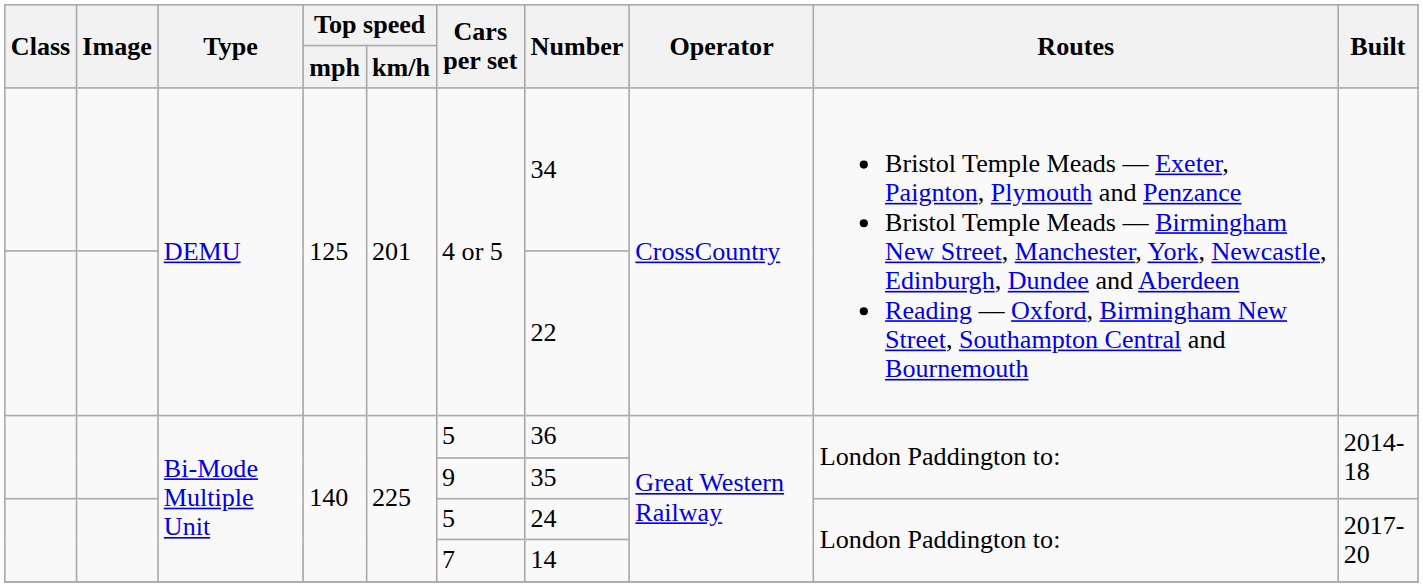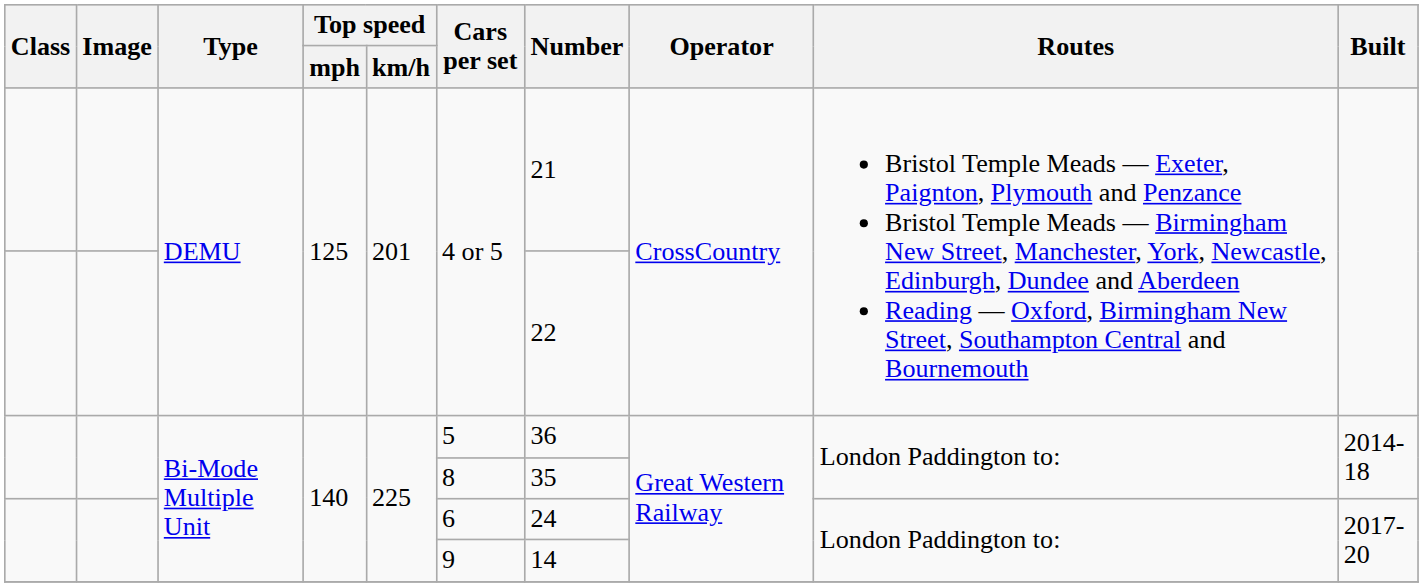 <table class="wikitable">
 <tr style="background:#f9f9f9;">
 <th rowspan="2">Class</th>
 <th rowspan="2">Image</th>
 <th rowspan="2">Type</th>
 <th colspan="2">Top speed</th>
 <th rowspan="2">Cars per set</th>
 <th rowspan="2">Number</th>
 <th rowspan="2">Operator</th>
 <th rowspan="2">Routes</th>
 <th rowspan="2">Built</th>
 </tr>
 <tr style="background:#f9f9f9;">
 <th>mph</th>
 <th>km/h</th>
 </tr>
 <tr>
 <td></td>
 <td></td>
 <td rowspan="2"><a href='#'>DEMU</a></td>
 <td rowspan="2">125</td>
 <td rowspan="2">201</td>
 <td rowspan="2">4 or 5</td>
-<td>34</td>
+<td>21</td>
 <td rowspan="2"><a href='#'>CrossCountry</a></td>
 <td rowspan="2"><br><ul><li>Bristol Temple Meads — <a href='#'>Exeter</a>, <a href='#'>Paignton</a>, <a href='#'>Plymouth</a> and <a href='#'>Penzance</a></li><li>Bristol Temple Meads — <a href='#'>Birmingham New Street</a>, <a href='#'>Manchester</a>, <a href='#'>York</a>, <a href='#'>Newcastle</a>, <a href='#'>Edinburgh</a>, <a href='#'>Dundee</a> and <a href='#'>Aberdeen</a></li><li><a href='#'>Reading</a> — <a href='#'>Oxford</a>, <a href='#'>Birmingham New Street</a>, <a href='#'>Southampton Central</a> and <a href='#'>Bournemouth</a></li></ul></td>
 <td rowspan="2"></td>
 </tr>
 <tr>
 <td></td>
 <td></td>
 <td>22</td>
 </tr>
 <tr>
 <td rowspan="2"></td>
 <td rowspan="2"></td>
 <td rowspan="4"><a href='#'>Bi-Mode Multiple Unit</a></td>
 <td rowspan="4">140</td>
 <td rowspan="4">225</td>
 <td>5</td>
 <td>36</td>
 <td rowspan="4"><a href='#'>Great Western Railway</a></td>
 <td rowspan="2">London Paddington to:</td>
 <td rowspan="2">2014-18</td>
 </tr>
 <tr>
-<td>9</td>
+<td>8</td>
 <td>35</td>
 </tr>
 <tr>
 <td rowspan=2></td>
 <td rowspan=2></td>
-<td>5</td>
+<td>6</td>
 <td>24</td>
 <td rowspan="2">London Paddington to: </td>
 <td rowspan="2">2017-20</td>
 </tr>
 <tr>
-<td>7</td>
+<td>9</td>
 <td>14</td>
 </tr>
 <tr>
 </tr>
 </table>
